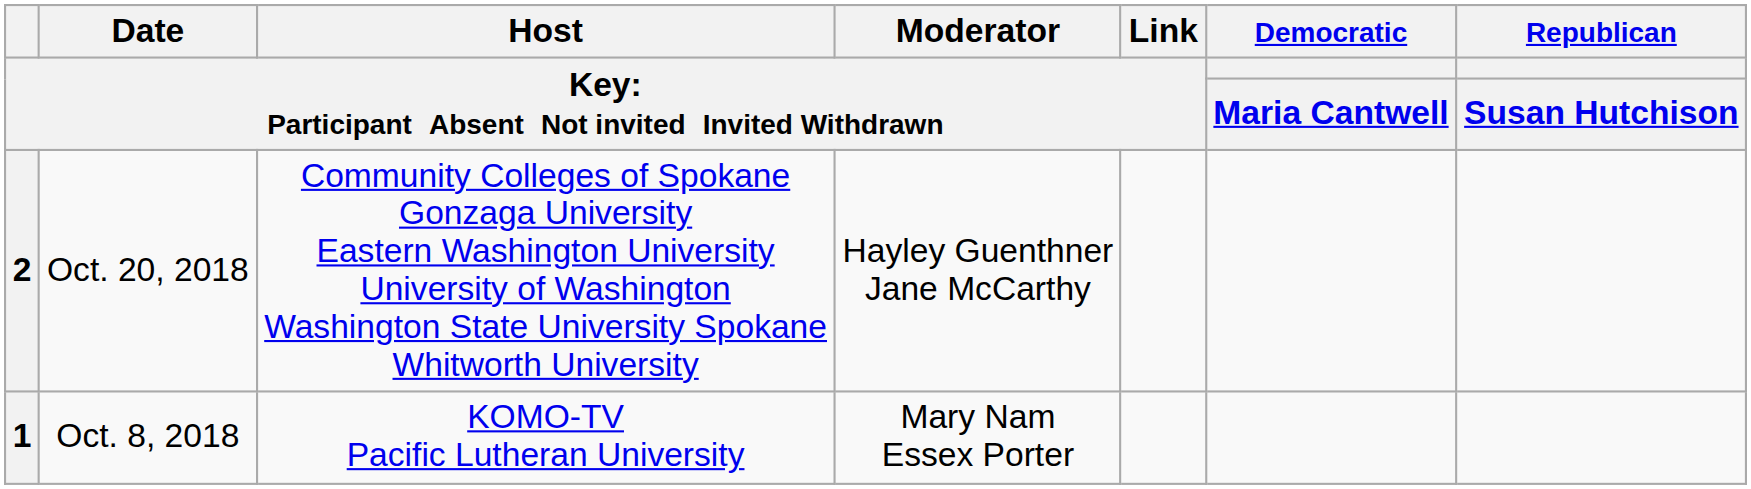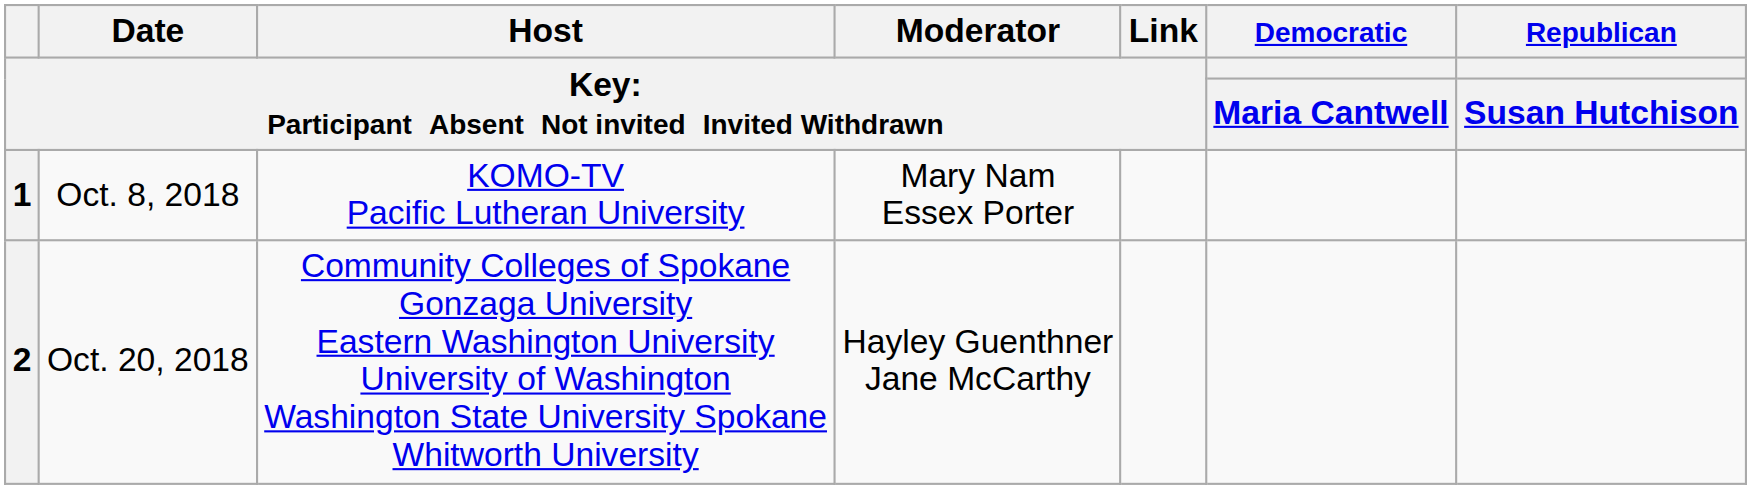 <table class="wikitable" style="text-align:center;">
 <tr>
 <th scope="col"></th>
 <th scope="col">Date</th>
 <th scope="col">Host</th>
 <th scope="col">Moderator</th>
 <th scope="col">Link</th>
 <th scope="col"><small><a href='#'>Democratic</a></small></th>
 <th scope="col"><small><a href='#'>Republican</a></small></th>
 </tr>
 <tr>
 <th colspan="5" rowspan="2">Key:<br> <small>Participant </small>  <small>Absent </small>  <small>Not invited </small>  <small>Invited  Withdrawn</small></th>
 <th scope="col" style="background:"></th>
 <th scope="col" style="background:"></th>
 </tr>
 <tr>
 <th scope="col"><a href='#'>Maria Cantwell</a></th>
 <th scope="col"><a href='#'>Susan Hutchison</a></th>
 </tr>
 <tr>
+<th>1</th>
+<td style="white-space:nowrap;">Oct. 8, 2018</td>
+<td style="white-space:nowrap;"><a href='#'>KOMO-TV</a><br><a href='#'>Pacific Lutheran University</a></td>
+<td style="white-space:nowrap;">Mary Nam<br>Essex Porter</td>
+<td style="white-space:nowrap;"></td>
+<td></td>
+<td></td>
+</tr>
+<tr>
 <th>2</th>
 <td style="white-space:nowrap;">Oct. 20, 2018</td>
 <td style="white-space:nowrap;"><a href='#'>Community Colleges of Spokane</a><br><a href='#'>Gonzaga University</a><br><a href='#'>Eastern Washington University</a><br><a href='#'>University of Washington</a><br><a href='#'>Washington State University Spokane</a><br><a href='#'>Whitworth University</a></td>
 <td style="white-space:nowrap;">Hayley Guenthner<br>Jane McCarthy</td>
 <td style="white-space:nowrap;"></td>
 <td></td>
 <td></td>
 </tr>
-<tr>
-<th>1</th>
-<td style="white-space:nowrap;">Oct. 8, 2018</td>
-<td style="white-space:nowrap;"><a href='#'>KOMO-TV</a><br><a href='#'>Pacific Lutheran University</a></td>
-<td style="white-space:nowrap;">Mary Nam<br>Essex Porter</td>
-<td style="white-space:nowrap;"></td>
-<td></td>
-<td></td>
-</tr>
 </table>
